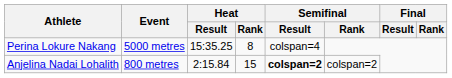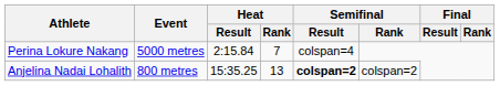 <table class="wikitable" style="font-size:90%">
 <tr>
 <th rowspan="2">Athlete</th>
 <th rowspan="2">Event</th>
 <th colspan="2">Heat</th>
 <th colspan="2">Semifinal</th>
 <th colspan="2">Final</th>
 </tr>
 <tr style="font-size:95%">
 <th>Result</th>
 <th>Rank</th>
 <th>Result</th>
 <th>Rank</th>
 <th>Result</th>
 <th>Rank</th>
 </tr>
 <tr align=center>
 <td align=left><a href='#'>Perina Lokure Nakang</a></td>
 <td align=left><a href='#'>5000 metres</a></td>
-<td>15:35.25</td>
-<td>8</td>
+<td>2:15.84</td>
+<td>7</td>
 <td>colspan=4 </td>
 </tr>
 <tr align=center>
 <td align=left><a href='#'>Anjelina Nadai Lohalith</a></td>
 <td align=left><a href='#'>800 metres</a></td>
-<td>2:15.84</td>
-<td>15</td>
+<td>15:35.25</td>
+<td>13</td>
 <td><strong>colspan=2</strong></td>
 <td>colspan=2 </td>
 </tr>
 </table>
